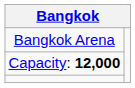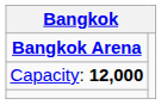 <table class="wikitable" style="text-align:center; margin:1em auto;">
 <tr>
 <th colspan=2><a href='#'>Bangkok</a></th>
 </tr>
 <tr>
-<td><a href='#'>Bangkok Arena</a></td>
+<td><strong><a href='#'>Bangkok Arena</a></strong></td>
 <td rowspan=3></td>
 </tr>
 <tr>
 <td><a href='#'>Capacity</a>: <strong>12,000</strong></td>
 </tr>
 <tr>
 <td></td>
 </tr>
 </table>
